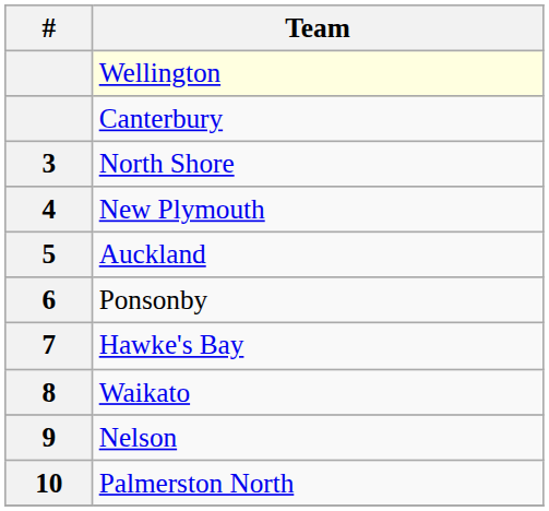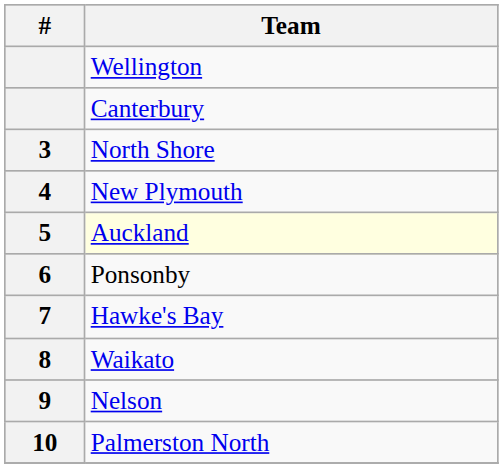 <table class="wikitable" width="15%" style="font-size:95%; text-align:center">
 <tr>
 <th>#</th>
 <th>Team</th>
 </tr>
 <tr>
 <th></th>
-<td align=left style="background: lightyellow;"><a href='#'>Wellington</a></td>
+<td align=left><a href='#'>Wellington</a></td>
 </tr>
 <tr>
 <th></th>
 <td align=left><a href='#'>Canterbury</a></td>
 </tr>
 <tr>
 <th>3</th>
 <td align=left><a href='#'>North Shore</a></td>
 </tr>
 <tr>
 <th>4</th>
 <td align=left><a href='#'>New Plymouth</a></td>
 </tr>
 <tr>
 <th>5</th>
-<td align=left><a href='#'>Auckland</a></td>
+<td align=left style="background: lightyellow;"><a href='#'>Auckland</a></td>
 </tr>
 <tr>
 <th>6</th>
 <td align=left>Ponsonby</td>
 </tr>
 <tr>
 <th>7</th>
 <td align=left><a href='#'>Hawke's Bay</a></td>
 </tr>
 <tr>
 <th>8</th>
 <td align=left><a href='#'>Waikato</a></td>
 </tr>
 <tr>
 <th>9</th>
 <td align=left><a href='#'>Nelson</a></td>
 </tr>
 <tr>
 <th>10</th>
 <td align=left><a href='#'>Palmerston North</a></td>
 </tr>
 <tr>
 </tr>
 </table>
